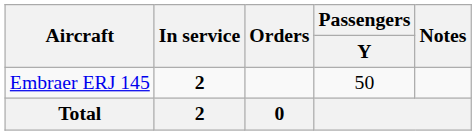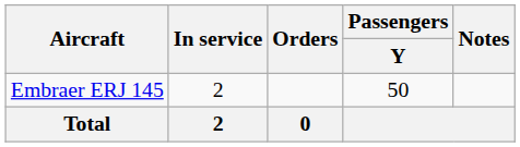 <table class="wikitable" style="margin:1em auto; text-align:center; margin:0.5em auto">
 <tr>
 <th rowspan="2"><span>Aircraft</span></th>
 <th rowspan="2"><span>In service</span></th>
 <th rowspan="2"><span>Orders</span></th>
 <th colspan="1"><span>Passengers</span></th>
 <th rowspan="2"><span>Notes</span></th>
 </tr>
 <tr>
 <th style="width:25px;"><span><abbr>Y</abbr></span></th>
 </tr>
 <tr>
 <td><a href='#'>Embraer ERJ 145</a></td>
-<td><strong>2</strong></td>
+<td>2</td>
 <td></td>
 <td>50</td>
 <td></td>
 </tr>
 <tr>
 <th>Total</th>
 <th>2</th>
 <th>0</th>
 <th colspan=2></th>
 </tr>
 </table>
